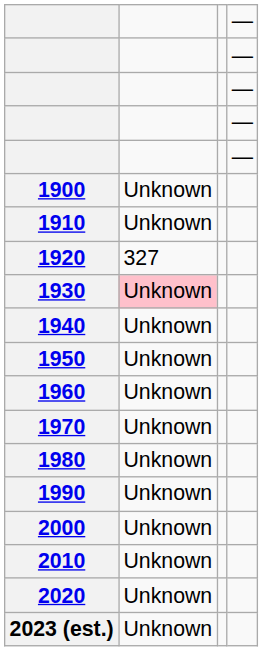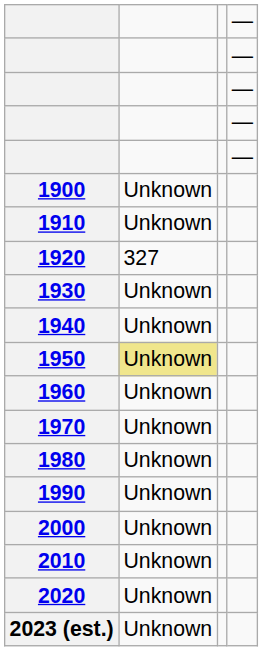 <table class="wikitable">
 <tr>
 <th></th>
 <td></td>
 <td></td>
 <td>—</td>
 </tr>
 <tr>
 <th></th>
 <td></td>
 <td></td>
 <td>—</td>
 </tr>
 <tr>
 <th></th>
 <td></td>
 <td></td>
 <td>—</td>
 </tr>
 <tr>
 <th></th>
 <td></td>
 <td></td>
 <td>—</td>
 </tr>
 <tr>
 <th></th>
 <td></td>
 <td></td>
 <td>—</td>
 </tr>
 <tr>
 <th><a href='#'>1900</a></th>
 <td>Unknown</td>
 <td></td>
 <td></td>
 </tr>
 <tr>
 <th><a href='#'>1910</a></th>
 <td>Unknown</td>
 <td></td>
 <td></td>
 </tr>
 <tr>
 <th><a href='#'>1920</a></th>
 <td>327</td>
 <td></td>
 <td></td>
 </tr>
 <tr>
 <th><a href='#'>1930</a></th>
-<td style="background: pink;">Unknown</td>
+<td>Unknown</td>
 <td></td>
 <td></td>
 </tr>
 <tr>
 <th><a href='#'>1940</a></th>
 <td>Unknown</td>
 <td></td>
 <td></td>
 </tr>
 <tr>
 <th><a href='#'>1950</a></th>
-<td>Unknown</td>
+<td style="background: khaki;">Unknown</td>
 <td></td>
 <td></td>
 </tr>
 <tr>
 <th><a href='#'>1960</a></th>
 <td>Unknown</td>
 <td></td>
 <td></td>
 </tr>
 <tr>
 <th><a href='#'>1970</a></th>
 <td>Unknown</td>
 <td></td>
 <td></td>
 </tr>
 <tr>
 <th><a href='#'>1980</a></th>
 <td>Unknown</td>
 <td></td>
 <td></td>
 </tr>
 <tr>
 <th><a href='#'>1990</a></th>
 <td>Unknown</td>
 <td></td>
 <td></td>
 </tr>
 <tr>
 <th><a href='#'>2000</a></th>
 <td>Unknown</td>
 <td></td>
 <td></td>
 </tr>
 <tr>
 <th><a href='#'>2010</a></th>
 <td>Unknown</td>
 <td></td>
 <td></td>
 </tr>
 <tr>
 <th><a href='#'>2020</a></th>
 <td>Unknown</td>
 <td></td>
 <td></td>
 </tr>
 <tr>
 <th>2023 (est.)</th>
 <td>Unknown</td>
 <td></td>
 <td></td>
 </tr>
 </table>
